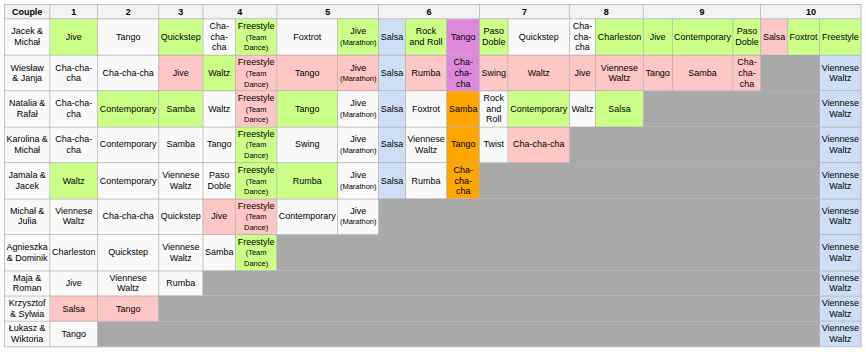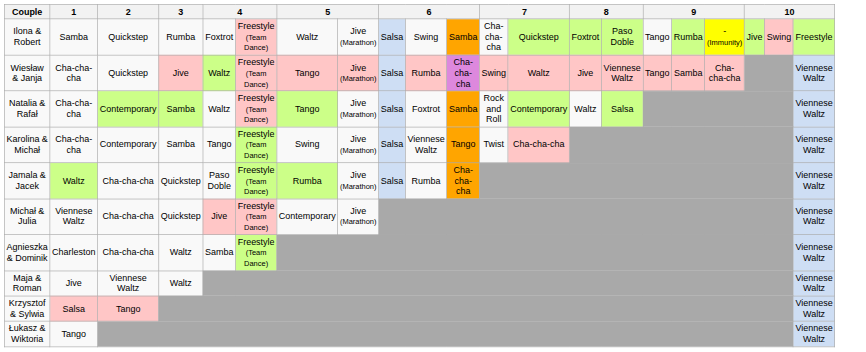 <table class="wikitable" style="text-align:center; font-size:85%; line-height:16px">
 <tr>
 <th>Couple</th>
 <th>1</th>
 <th>2</th>
 <th>3</th>
 <th colspan="2">4</th>
 <th colspan="2">5</th>
 <th colspan="3">6</th>
 <th colspan="2">7</th>
 <th colspan="2">8</th>
 <th colspan="3">9</th>
 <th colspan="3">10</th>
 </tr>
 <tr>
-<td>Jacek & Michał</td>
+<td>Ilona & Robert</td>
+<td>Samba</td>
+<td>Quickstep</td>
+<td>Rumba</td>
+<td>Foxtrot</td>
+<td style="background:#ffc6c6;">Freestyle<br><small>(Team Dance)</small></td>
+<td>Waltz</td>
+<td>Jive<br><small>(Marathon)</small></td>
+<td style="background:#CEDEF4;">Salsa</td>
+<td>Swing</td>
+<td style="background:orange;">Samba</td>
+<td>Cha-cha-cha</td>
+<td style="background:#ccff88;">Quickstep</td>
+<td style="background:#ccff88;">Foxtrot</td>
+<td style="background:#ccff88;">Paso Doble</td>
+<td>Tango</td>
+<td style="background:#ccff88;">Rumba</td>
+<td style="background:yellow;">-<br><small>(Immunity)</small></td>
 <td style="background:#ccff88;">Jive</td>
-<td>Tango</td>
-<td style="background:#ccff88;">Quickstep</td>
-<td>Cha-cha-cha</td>
-<td style="background:#ccff88;">Freestyle<br><small>(Team Dance)</small></td>
-<td>Foxtrot</td>
-<td style="background:#ccff88;">Jive<br><small>(Marathon)</small></td>
-<td style="background:#CEDEF4;">Salsa</td>
-<td style="background:#ccff88;">Rock and Roll</td>
-<td style="background:#dd88dd;">Tango</td>
-<td style="background:#ccff88;">Paso Doble</td>
-<td>Quickstep</td>
-<td>Cha-cha-cha</td>
-<td style="background:#ccff88;">Charleston</td>
-<td style="background:#ccff88;">Jive</td>
-<td style="background:#ccff88;">Contemporary</td>
-<td style="background:#ccff88;">Paso Doble</td>
-<td style="background:#ffc6c6;">Salsa</td>
-<td style="background:#ccff88;">Foxtrot</td>
+<td style="background:#ffc6c6;">Swing</td>
 <td style="background:#ccff88;">Freestyle</td>
 </tr>
 <tr>
 <td>Wiesław & Janja</td>
 <td>Cha-cha-cha</td>
-<td>Cha-cha-cha</td>
+<td>Quickstep</td>
 <td style="background:#ffc6c6;">Jive</td>
 <td style="background:#ccff88;">Waltz</td>
 <td style="background:#ffc6c6;">Freestyle<br><small>(Team Dance)</small></td>
 <td style="background:#ffc6c6;">Tango</td>
 <td style="background:#ffc6c6;">Jive<br><small>(Marathon)</small></td>
 <td style="background:#CEDEF4;">Salsa</td>
 <td style="background:#ffc6c6;">Rumba</td>
 <td style="background:#dd88dd;">Cha-cha-cha</td>
 <td style="background:#ffc6c6;">Swing</td>
 <td style="background:#ffc6c6;">Waltz</td>
 <td style="background:#ffc6c6;">Jive</td>
 <td style="background:#ffc6c6;">Viennese Waltz</td>
 <td style="background:#ffc6c6;">Tango</td>
 <td style="background:#ffc6c6;">Samba</td>
 <td style="background:#ffc6c6;">Cha-cha-cha</td>
 <td style="background:darkgrey;" colspan="2"></td>
 <td style="background:#CEDEF4">Viennese Waltz</td>
 </tr>
 <tr>
 <td>Natalia & Rafał</td>
 <td>Cha-cha-cha</td>
 <td style="background:#ccff88;">Contemporary</td>
 <td style="background:#ccff88;">Samba</td>
 <td>Waltz</td>
 <td style="background:#ffc6c6;">Freestyle<br><small>(Team Dance)</small></td>
 <td style="background:#ccff88;">Tango</td>
 <td>Jive<br><small>(Marathon)</small></td>
 <td style="background:#CEDEF4;">Salsa</td>
 <td>Foxtrot</td>
 <td style="background:orange;">Samba</td>
 <td>Rock and Roll</td>
 <td style="background:#ccff88;">Contemporary</td>
 <td>Waltz</td>
 <td style="background:#ccff88;">Salsa</td>
 <td style="background:darkgrey;" colspan="5"></td>
 <td style="background:#CEDEF4">Viennese Waltz</td>
 </tr>
 <tr>
 <td>Karolina & Michał</td>
 <td>Cha-cha-cha</td>
 <td>Contemporary</td>
 <td>Samba</td>
 <td>Tango</td>
 <td style="background:#ccff88;">Freestyle<br><small>(Team Dance)</small></td>
 <td>Swing</td>
 <td>Jive<br><small>(Marathon)</small></td>
 <td style="background:#CEDEF4;">Salsa</td>
 <td>Viennese Waltz</td>
 <td style="background:orange;">Tango</td>
 <td>Twist</td>
 <td style="background:#ffc6c6;">Cha-cha-cha</td>
 <td style="background:darkgrey;" colspan="7"></td>
 <td style="background:#CEDEF4">Viennese Waltz</td>
 </tr>
 <tr>
 <td>Jamala & Jacek</td>
 <td style="background:#ccff88;">Waltz</td>
-<td>Contemporary</td>
-<td>Viennese Waltz</td>
+<td>Cha-cha-cha</td>
+<td>Quickstep</td>
 <td>Paso Doble</td>
 <td style="background:#ccff88;">Freestyle<br><small>(Team Dance)</small></td>
 <td style="background:#ccff88;">Rumba</td>
 <td>Jive<br><small>(Marathon)</small></td>
 <td style="background:#CEDEF4;">Salsa</td>
 <td>Rumba</td>
 <td style="background:orange;">Cha-cha-cha</td>
 <td style="background:darkgrey;" colspan="9"></td>
 <td style="background:#CEDEF4">Viennese Waltz</td>
 </tr>
 <tr>
 <td>Michał & Julia</td>
 <td>Viennese Waltz</td>
 <td>Cha-cha-cha</td>
 <td>Quickstep</td>
 <td style="background:#ffc6c6;">Jive</td>
 <td style="background:#ffc6c6;">Freestyle<br><small>(Team Dance)</small></td>
 <td>Contemporary</td>
 <td>Jive<br><small>(Marathon)</small></td>
 <td style="background:darkgrey;" colspan="12"></td>
 <td style="background:#CEDEF4">Viennese Waltz</td>
 </tr>
 <tr>
 <td>Agnieszka & Dominik</td>
 <td>Charleston</td>
-<td>Quickstep</td>
-<td>Viennese Waltz</td>
+<td>Cha-cha-cha</td>
+<td>Waltz</td>
 <td>Samba</td>
 <td style="background:#ccff88;">Freestyle<br><small>(Team Dance)</small></td>
 <td style="background:darkgrey;" colspan="14"></td>
 <td style="background:#CEDEF4">Viennese Waltz</td>
 </tr>
 <tr>
 <td>Maja & Roman</td>
 <td>Jive</td>
 <td>Viennese Waltz</td>
-<td>Rumba</td>
+<td>Waltz</td>
 <td style="background:darkgrey;" colspan="16"></td>
 <td style="background:#CEDEF4">Viennese Waltz</td>
 </tr>
 <tr>
 <td>Krzysztof & Sylwia</td>
 <td style="background:#ffc6c6;">Salsa</td>
 <td style="background:#ffc6c6;">Tango</td>
 <td style="background:darkgrey;" colspan="17"></td>
 <td style="background:#CEDEF4">Viennese Waltz</td>
 </tr>
 <tr>
 <td>Łukasz & Wiktoria</td>
 <td>Tango</td>
 <td style="background:darkgrey;" colspan="18"></td>
 <td style="background:#CEDEF4">Viennese Waltz</td>
 </tr>
 </table>
